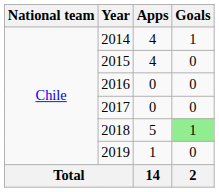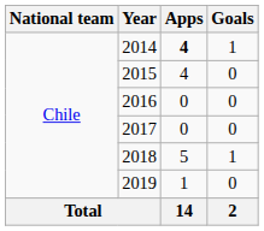 <table class="wikitable" style="text-align:center">
 <tr>
 <th>National team</th>
 <th>Year</th>
 <th>Apps</th>
 <th>Goals</th>
 </tr>
 <tr>
 <td rowspan="6"><a href='#'>Chile</a></td>
 <td>2014</td>
-<td>4</td>
+<td><strong>4</strong></td>
 <td>1</td>
 </tr>
 <tr>
 <td>2015</td>
 <td>4</td>
 <td>0</td>
 </tr>
 <tr>
 <td>2016</td>
 <td>0</td>
 <td>0</td>
 </tr>
 <tr>
 <td>2017</td>
 <td>0</td>
 <td>0</td>
 </tr>
 <tr>
 <td>2018</td>
 <td>5</td>
-<td style="background: lightgreen;">1</td>
+<td>1</td>
 </tr>
 <tr>
 <td>2019</td>
 <td>1</td>
 <td>0</td>
 </tr>
 <tr>
 <th colspan="2">Total</th>
 <th>14</th>
 <th>2</th>
 </tr>
 </table>
